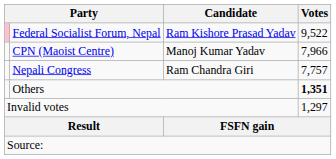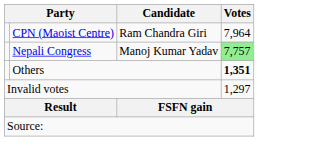 <table class="wikitable">
 <tr>
 <th colspan="2">Party</th>
 <th>Candidate</th>
 <th>Votes</th>
 </tr>
 <tr>
-<td style="background-color:pink"></td>
-<td><a href='#'>Federal Socialist Forum, Nepal</a></td>
-<td><a href='#'>Ram Kishore Prasad Yadav</a></td>
-<td>9,522</td>
-</tr>
-<tr>
 <td style="background-color:"></td>
 <td><a href='#'>CPN (Maoist Centre)</a></td>
-<td>Manoj Kumar Yadav</td>
-<td>7,966</td>
+<td>Ram Chandra Giri</td>
+<td>7,964</td>
 </tr>
 <tr>
 <td style="background-color:"></td>
 <td><a href='#'>Nepali Congress</a></td>
-<td>Ram Chandra Giri</td>
-<td>7,757</td>
+<td>Manoj Kumar Yadav</td>
+<td style="background: lightgreen;">7,757</td>
 </tr>
 <tr>
 <td></td>
 <td colspan="2">Others</td>
 <td><strong>1,351</strong></td>
 </tr>
 <tr>
 <td colspan="3">Invalid votes</td>
 <td>1,297</td>
 </tr>
 <tr>
 <th colspan="2">Result</th>
 <th colspan="2">FSFN gain</th>
 </tr>
 <tr>
 <td colspan="4">Source: </td>
 </tr>
 </table>
